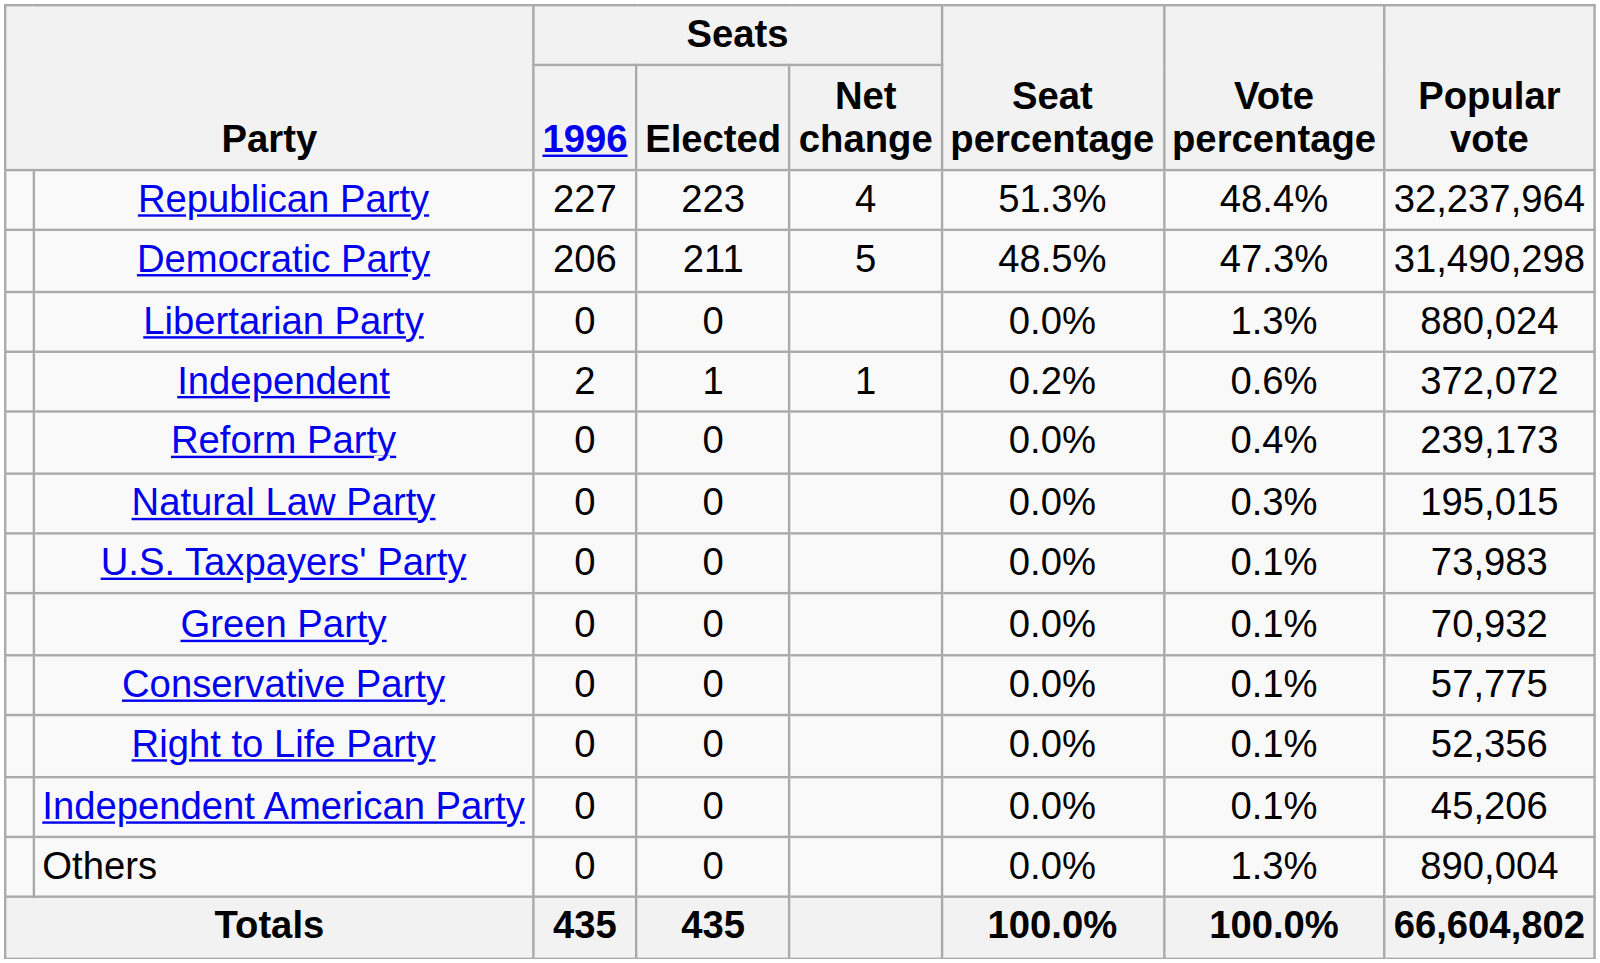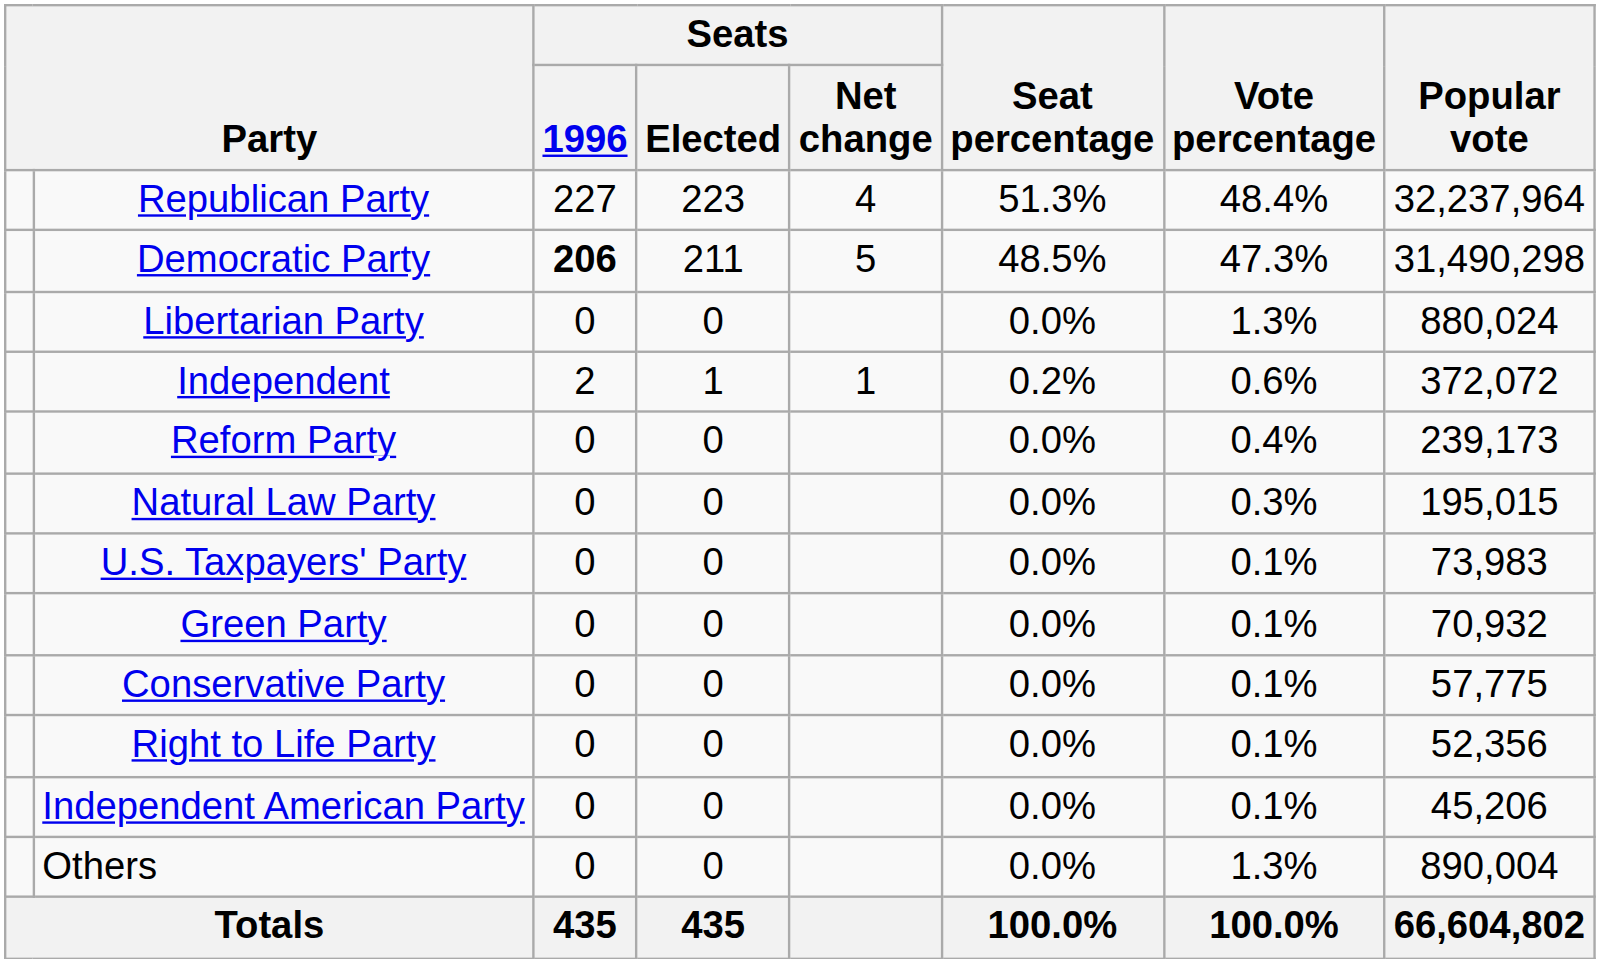 <table class=wikitable style="text-align:center">
 <tr valign=bottom>
 <th rowspan=2 colspan=2>Party</th>
 <th colspan=3>Seats</th>
 <th rowspan=2>Seat<br>percentage</th>
 <th rowspan=2>Vote<br>percentage</th>
 <th rowspan=2>Popular<br>vote</th>
 </tr>
 <tr valign=bottom>
 <th><a href='#'>1996</a></th>
 <th>Elected</th>
 <th>Net<br>change</th>
 </tr>
 <tr>
 <td style="background-color:"> </td>
 <td><a href='#'>Republican Party</a></td>
 <td>227</td>
 <td>223</td>
 <td> 4</td>
 <td>51.3%</td>
 <td>48.4%</td>
 <td>32,237,964</td>
 </tr>
 <tr>
 <td style="background-color:"> </td>
 <td><a href='#'>Democratic Party</a></td>
-<td>206</td>
+<td><strong>206</strong></td>
 <td>211</td>
 <td> 5</td>
 <td>48.5%</td>
 <td>47.3%</td>
 <td>31,490,298</td>
 </tr>
 <tr>
 <td style="background-color:"> </td>
 <td><a href='#'>Libertarian Party</a></td>
 <td>0</td>
 <td>0</td>
 <td></td>
 <td>0.0%</td>
 <td>1.3%</td>
 <td>880,024</td>
 </tr>
 <tr>
 <td style="background-color:"> </td>
 <td><a href='#'>Independent</a></td>
 <td>2</td>
 <td>1</td>
 <td> 1</td>
 <td>0.2%</td>
 <td>0.6%</td>
 <td>372,072</td>
 </tr>
 <tr>
 <td style="background-color:"> </td>
 <td><a href='#'>Reform Party</a></td>
 <td>0</td>
 <td>0</td>
 <td></td>
 <td>0.0%</td>
 <td>0.4%</td>
 <td>239,173</td>
 </tr>
 <tr>
 <td style="background-color:"> </td>
 <td><a href='#'>Natural Law Party</a></td>
 <td>0</td>
 <td>0</td>
 <td></td>
 <td>0.0%</td>
 <td>0.3%</td>
 <td>195,015</td>
 </tr>
 <tr>
 <td style="background-color:"> </td>
 <td><a href='#'>U.S. Taxpayers' Party</a></td>
 <td>0</td>
 <td>0</td>
 <td></td>
 <td>0.0%</td>
 <td>0.1%</td>
 <td>73,983</td>
 </tr>
 <tr>
 <td style="background-color:"> </td>
 <td><a href='#'>Green Party</a></td>
 <td>0</td>
 <td>0</td>
 <td></td>
 <td>0.0%</td>
 <td>0.1%</td>
 <td>70,932</td>
 </tr>
 <tr>
 <td style="background-color:"> </td>
 <td><a href='#'>Conservative Party</a></td>
 <td>0</td>
 <td>0</td>
 <td></td>
 <td>0.0%</td>
 <td>0.1%</td>
 <td>57,775</td>
 </tr>
 <tr>
 <td style="background-color:"> </td>
 <td><a href='#'>Right to Life Party</a></td>
 <td>0</td>
 <td>0</td>
 <td></td>
 <td>0.0%</td>
 <td>0.1%</td>
 <td>52,356</td>
 </tr>
 <tr>
 <td style="background-color:"> </td>
 <td><a href='#'>Independent American Party</a></td>
 <td>0</td>
 <td>0</td>
 <td></td>
 <td>0.0%</td>
 <td>0.1%</td>
 <td>45,206</td>
 </tr>
 <tr>
 <td style="background-color:"> </td>
 <td align=left>Others</td>
 <td>0</td>
 <td>0</td>
 <td></td>
 <td>0.0%</td>
 <td>1.3%</td>
 <td>890,004</td>
 </tr>
 <tr>
 <th colspan=2>Totals</th>
 <th>435</th>
 <th>435</th>
 <th></th>
 <th>100.0%</th>
 <th>100.0%</th>
 <th>66,604,802</th>
 </tr>
 </table>
